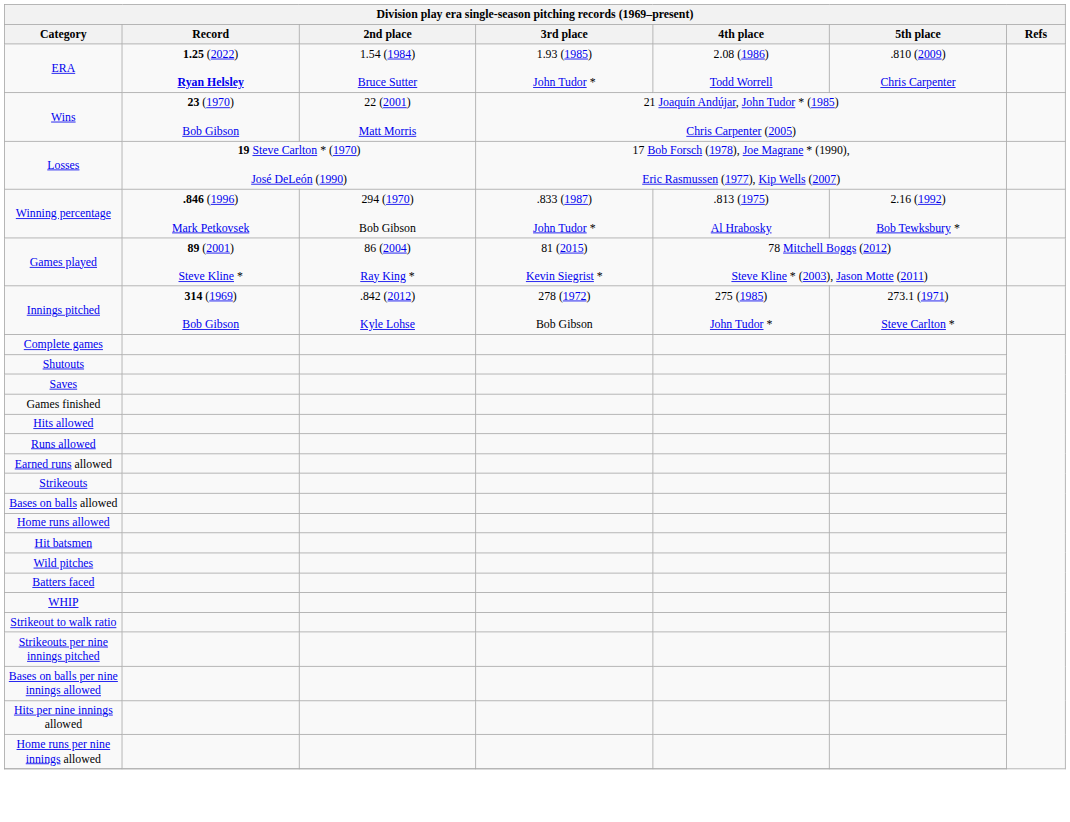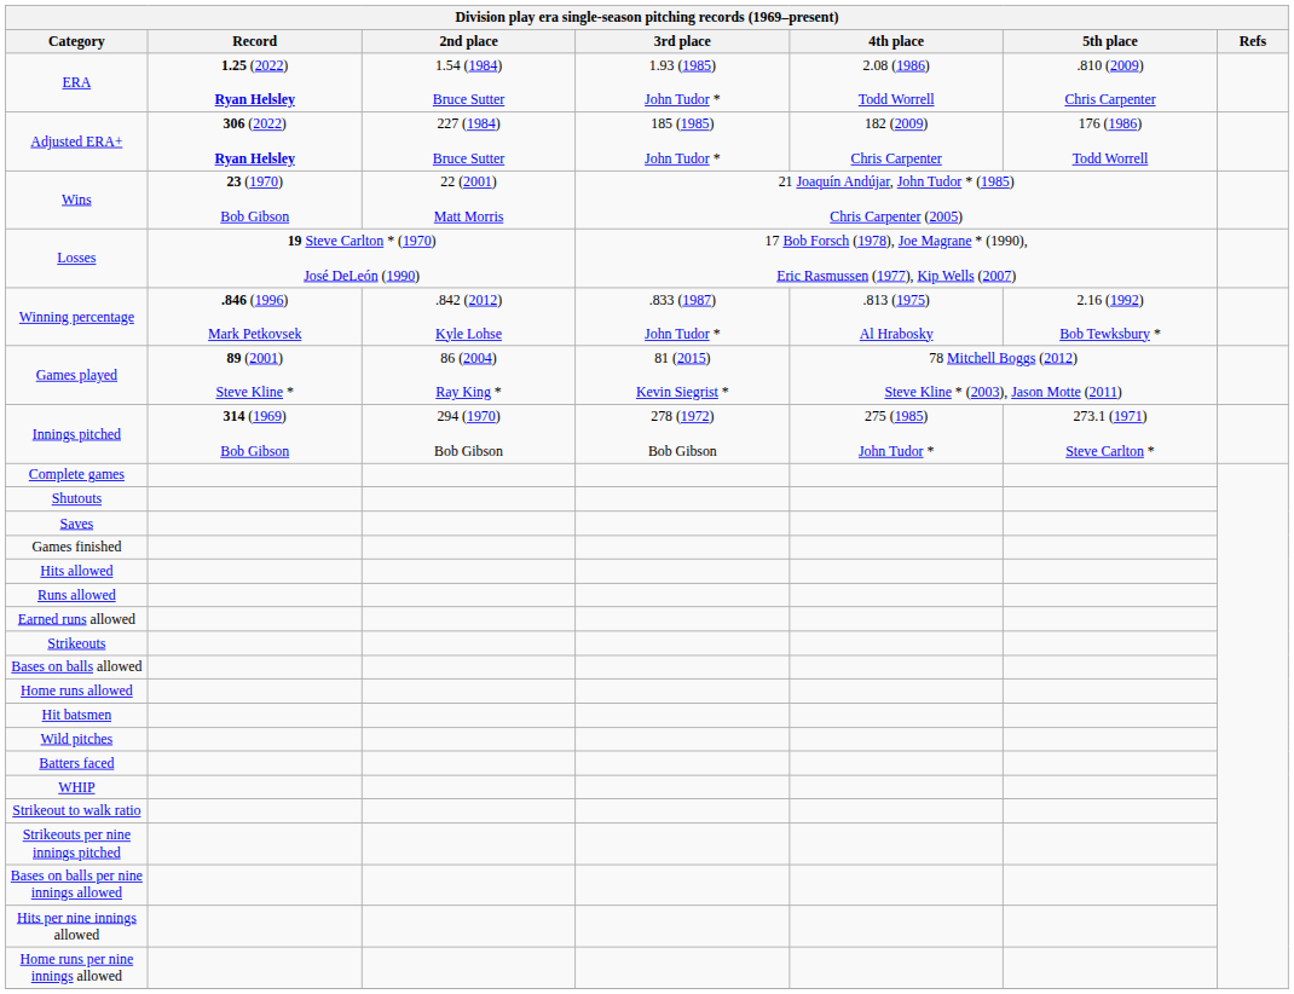 <table class="wikitable" style="text-align:center; font-size:88%; width:100%">
 <tr>
 <th colspan=7>Division play era single-season pitching records (1969–present)</th>
 </tr>
 <tr>
 <th scope="col" width=10%>Category</th>
 <th scope="col" width=15%>Record</th>
 <th scope="col" width=15%>2nd place</th>
 <th scope="col" width=15%>3rd place</th>
 <th scope="col" width=15%>4th place</th>
 <th scope="col" width=15%>5th place</th>
 <th scope="col" width=5%>Refs</th>
 </tr>
 <tr>
 <td><a href='#'>ERA</a></td>
 <td><strong>1.25</strong> (<a href='#'>2022</a>)<br><br><strong><a href='#'>Ryan Helsley</a></strong></td>
 <td>1.54 (<a href='#'>1984</a>)<br><br><a href='#'>Bruce Sutter</a></td>
 <td>1.93 (<a href='#'>1985</a>)<br><br><a href='#'>John Tudor</a> *</td>
 <td>2.08 (<a href='#'>1986</a>)<br><br><a href='#'>Todd Worrell</a></td>
 <td>.810 (<a href='#'>2009</a>)<br><br><a href='#'>Chris Carpenter</a></td>
 <td></td>
 </tr>
 <tr>
+<td><a href='#'>Adjusted ERA+</a></td>
+<td><strong>306</strong> (<a href='#'>2022</a>)<br><br><strong><a href='#'>Ryan Helsley</a></strong></td>
+<td>227 (<a href='#'>1984</a>)<br><br><a href='#'>Bruce Sutter</a></td>
+<td>185 (<a href='#'>1985</a>)<br><br><a href='#'>John Tudor</a> *</td>
+<td>182 (<a href='#'>2009</a>)<br><br><a href='#'>Chris Carpenter</a></td>
+<td>176 (<a href='#'>1986</a>)<br><br><a href='#'>Todd Worrell</a></td>
+<td></td>
+</tr>
+<tr>
 <td><a href='#'>Wins</a></td>
 <td><strong>23</strong> (<a href='#'>1970</a>)<br><br><a href='#'>Bob Gibson</a></td>
 <td>22 (<a href='#'>2001</a>)<br><br><a href='#'>Matt Morris</a></td>
 <td colspan="3" style="text-align: center;">21 <a href='#'>Joaquín Andújar</a>, <a href='#'>John Tudor</a> * (<a href='#'>1985</a>)<br><br><a href='#'>Chris Carpenter</a> (<a href='#'>2005</a>)</td>
 <td></td>
 </tr>
 <tr>
 <td><a href='#'>Losses</a></td>
 <td colspan="2" style="text-align: center;"><strong>19</strong> <a href='#'>Steve Carlton</a> * (<a href='#'>1970</a>)<br><br><a href='#'>José DeLeón</a> (<a href='#'>1990</a>)</td>
 <td colspan="3" style="text-align: center;">17 <a href='#'>Bob Forsch</a> (<a href='#'>1978</a>), <a href='#'>Joe Magrane</a> * (1990),<br><br><a href='#'>Eric Rasmussen</a> (<a href='#'>1977</a>), <a href='#'>Kip Wells</a> (<a href='#'>2007</a>)</td>
 <td></td>
 </tr>
 <tr>
 <td><a href='#'>Winning percentage</a></td>
 <td><strong>.846</strong> (<a href='#'>1996</a>)<br><br><a href='#'>Mark Petkovsek</a></td>
-<td>294 (<a href='#'>1970</a>)<br><br>Bob Gibson</td>
+<td>.842 (<a href='#'>2012</a>)<br><br><a href='#'>Kyle Lohse</a></td>
 <td>.833 (<a href='#'>1987</a>)<br><br><a href='#'>John Tudor</a> *</td>
 <td>.813 (<a href='#'>1975</a>)<br><br><a href='#'>Al Hrabosky</a></td>
 <td>2.16 (<a href='#'>1992</a>)<br><br><a href='#'>Bob Tewksbury</a> *</td>
 <td></td>
 </tr>
 <tr>
 <td><a href='#'>Games played</a></td>
 <td><strong>89</strong> (<a href='#'>2001</a>)<br><br><a href='#'>Steve Kline</a> *</td>
 <td>86 (<a href='#'>2004</a>)<br><br><a href='#'>Ray King</a> *</td>
 <td>81 (<a href='#'>2015</a>)<br><br><a href='#'>Kevin Siegrist</a> *</td>
 <td colspan="2" style="text-align: center;">78 <a href='#'>Mitchell Boggs</a> (<a href='#'>2012</a>)<br><br><a href='#'>Steve Kline</a> * (<a href='#'>2003</a>), <a href='#'>Jason Motte</a> (<a href='#'>2011</a>)</td>
 <td></td>
 </tr>
 <tr>
 <td><a href='#'>Innings pitched</a></td>
 <td><strong>314</strong> (<a href='#'>1969</a>)<br><br><a href='#'>Bob Gibson</a></td>
-<td>.842 (<a href='#'>2012</a>)<br><br><a href='#'>Kyle Lohse</a></td>
+<td>294 (<a href='#'>1970</a>)<br><br>Bob Gibson</td>
 <td>278 (<a href='#'>1972</a>)<br><br>Bob Gibson</td>
 <td>275 (<a href='#'>1985</a>)<br><br><a href='#'>John Tudor</a> *</td>
 <td>273.1 (<a href='#'>1971</a>)<br><br><a href='#'>Steve Carlton</a> *</td>
 <td></td>
 </tr>
 <tr>
 <td><a href='#'>Complete games</a></td>
 <td></td>
 <td></td>
 <td></td>
 <td></td>
 <td></td>
 </tr>
 <tr>
 <td><a href='#'>Shutouts</a></td>
 <td></td>
 <td></td>
 <td></td>
 <td></td>
 <td></td>
 </tr>
 <tr>
 <td><a href='#'>Saves</a></td>
 <td></td>
 <td></td>
 <td></td>
 <td></td>
 <td></td>
 </tr>
 <tr>
 <td>Games finished</td>
 <td></td>
 <td></td>
 <td></td>
 <td></td>
 <td></td>
 </tr>
 <tr>
 <td><a href='#'>Hits allowed</a></td>
 <td></td>
 <td></td>
 <td></td>
 <td></td>
 <td></td>
 </tr>
 <tr>
 <td><a href='#'>Runs allowed</a></td>
 <td></td>
 <td></td>
 <td></td>
 <td></td>
 <td></td>
 </tr>
 <tr>
 <td><a href='#'>Earned runs</a> allowed</td>
 <td></td>
 <td></td>
 <td></td>
 <td></td>
 <td></td>
 </tr>
 <tr>
 <td><a href='#'>Strikeouts</a></td>
 <td></td>
 <td></td>
 <td></td>
 <td></td>
 <td></td>
 </tr>
 <tr>
 <td><a href='#'>Bases on balls</a> allowed</td>
 <td></td>
 <td></td>
 <td></td>
 <td></td>
 <td></td>
 </tr>
 <tr>
 <td><a href='#'>Home runs allowed</a></td>
 <td></td>
 <td></td>
 <td></td>
 <td></td>
 <td></td>
 </tr>
 <tr>
 <td><a href='#'>Hit batsmen</a></td>
 <td></td>
 <td></td>
 <td></td>
 <td></td>
 <td></td>
 </tr>
 <tr>
 <td><a href='#'>Wild pitches</a></td>
 <td></td>
 <td></td>
 <td></td>
 <td></td>
 <td></td>
 </tr>
 <tr>
 <td><a href='#'>Batters faced</a></td>
 <td></td>
 <td></td>
 <td></td>
 <td></td>
 <td></td>
 </tr>
 <tr>
 <td><a href='#'>WHIP</a></td>
 <td></td>
 <td></td>
 <td></td>
 <td></td>
 <td></td>
 </tr>
 <tr>
 <td><a href='#'>Strikeout to walk ratio</a></td>
 <td></td>
 <td></td>
 <td></td>
 <td></td>
 <td></td>
 </tr>
 <tr>
 <td><a href='#'>Strikeouts per nine innings pitched</a></td>
 <td></td>
 <td></td>
 <td></td>
 <td></td>
 <td></td>
 </tr>
 <tr>
 <td><a href='#'>Bases on balls per nine innings allowed</a></td>
 <td></td>
 <td></td>
 <td></td>
 <td></td>
 <td></td>
 </tr>
 <tr>
 <td><a href='#'>Hits per nine innings</a> allowed</td>
 <td></td>
 <td></td>
 <td></td>
 <td></td>
 <td></td>
 </tr>
 <tr>
 <td><a href='#'>Home runs per nine innings</a> allowed</td>
 <td></td>
 <td></td>
 <td></td>
 <td></td>
 <td></td>
 </tr>
 <tr>
 </tr>
 </table>
